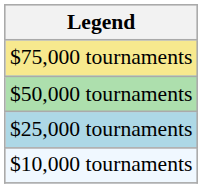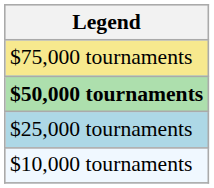 <table class="wikitable" style="font-size:85%">
 <tr>
 <th>Legend</th>
 </tr>
 <tr style="background:#f7e98e;">
 <td>$75,000  tournaments</td>
 </tr>
 <tr style="background:#addfad;">
-<td>$50,000  tournaments</td>
+<td><strong>$50,000  tournaments</strong></td>
 </tr>
 <tr style="background:lightblue;">
 <td>$25,000 tournaments</td>
 </tr>
 <tr style="background:#f0f8ff;">
 <td>$10,000 tournaments</td>
 </tr>
 </table>
